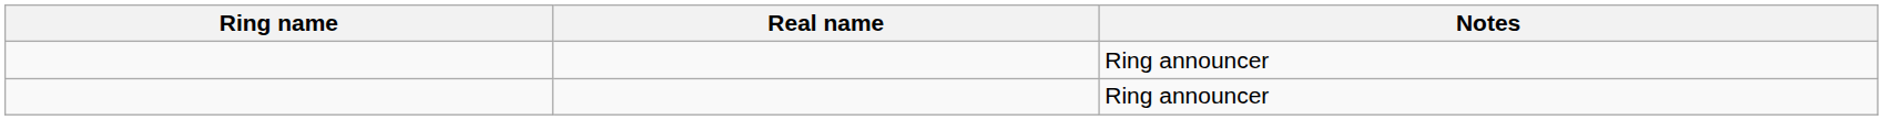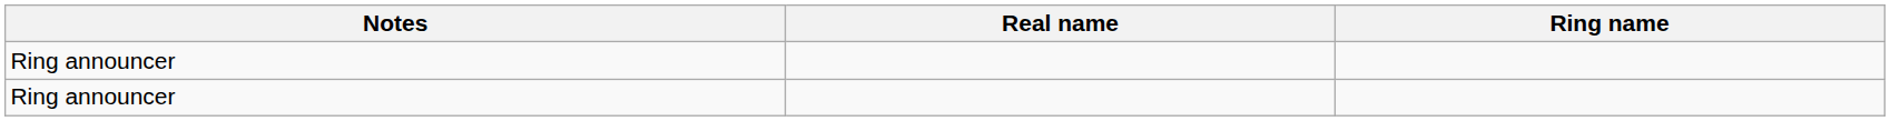 <table class="wikitable sortable" style="width:65%;">
 <tr>
+<th width=27%>Notes</th>
+<th width=19%>Real name</th>
 <th width=19%>Ring name</th>
-<th width=19%>Real name</th>
-<th width=27%>Notes</th>
 </tr>
 <tr>
+<td>Ring announcer</td>
 <td></td>
 <td></td>
-<td>Ring announcer</td>
 </tr>
 <tr>
+<td>Ring announcer</td>
 <td></td>
 <td></td>
-<td>Ring announcer</td>
 </tr>
 </table>
